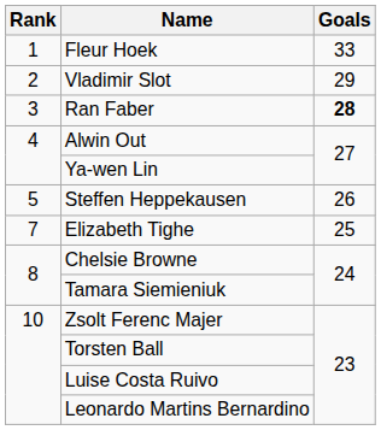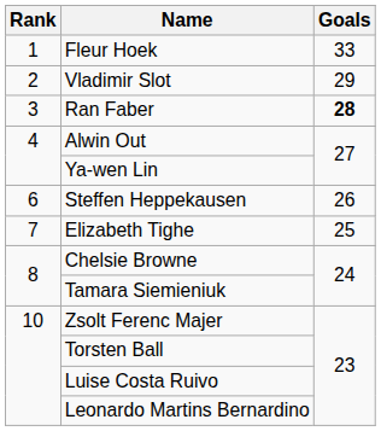 <table class="wikitable sortable" style="text-align: center;">
 <tr>
 <th>Rank</th>
 <th>Name</th>
 <th>Goals</th>
 </tr>
 <tr>
 <td>1</td>
 <td style="text-align: left;"> Fleur Hoek</td>
 <td>33</td>
 </tr>
 <tr>
 <td>2</td>
 <td style="text-align: left;"> Vladimir Slot</td>
 <td>29</td>
 </tr>
 <tr>
 <td>3</td>
 <td style="text-align: left;"> Ran Faber</td>
 <td><strong>28</strong></td>
 </tr>
 <tr>
 <td rowspan="2" style="vertical-align: top;">4</td>
 <td style="text-align: left;"> Alwin Out</td>
 <td rowspan="2">27</td>
 </tr>
 <tr>
 <td style="text-align: left;"> Ya-wen Lin</td>
 </tr>
 <tr>
-<td>5</td>
+<td>6</td>
 <td style="text-align: left;"> Steffen Heppekausen</td>
 <td>26</td>
 </tr>
 <tr>
 <td>7</td>
 <td style="text-align: left;"> Elizabeth Tighe</td>
 <td>25</td>
 </tr>
 <tr>
 <td rowspan="2">8</td>
 <td style="text-align: left;"> Chelsie Browne</td>
 <td rowspan="2">24</td>
 </tr>
 <tr>
 <td style="text-align: left;"> Tamara Siemieniuk</td>
 </tr>
 <tr>
 <td rowspan="4" style="vertical-align: top;">10</td>
 <td style="text-align: left;"> Zsolt Ferenc Majer</td>
 <td rowspan="4">23</td>
 </tr>
 <tr>
 <td style="text-align: left;"> Torsten Ball</td>
 </tr>
 <tr>
 <td style="text-align: left;"> Luise Costa Ruivo</td>
 </tr>
 <tr>
 <td style="text-align: left;"> Leonardo Martins Bernardino</td>
 </tr>
 </table>
